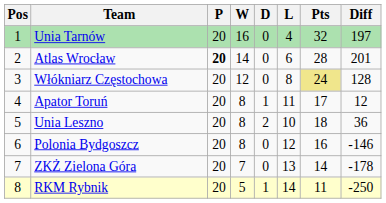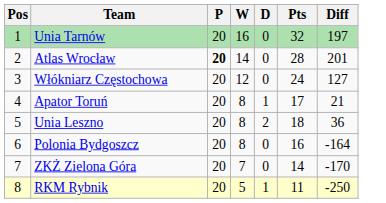 <table class="wikitable" style="font-size: 100%">
 <tr>
 <th width=20>Pos</th>
 <th width=200>Team</th>
 <th width=20>P</th>
 <th width=20>W</th>
 <th width=20>D</th>
-<th width=20>L</th>
 <th width=40>Pts</th>
 <th width=40>Diff</th>
 </tr>
 <tr align=center style="background:#ACE1AF;">
 <td>1</td>
 <td align="left"><a href='#'>Unia Tarnów</a></td>
 <td>20</td>
 <td>16</td>
 <td>0</td>
-<td>4</td>
 <td>32</td>
 <td>197</td>
 </tr>
 <tr align=center>
 <td>2</td>
 <td align="left"><a href='#'>Atlas Wrocław</a></td>
 <td><strong>20</strong></td>
 <td>14</td>
 <td>0</td>
-<td>6</td>
 <td>28</td>
 <td>201</td>
 </tr>
 <tr align=center>
 <td>3</td>
 <td align="left"><a href='#'>Włókniarz Częstochowa</a></td>
 <td>20</td>
 <td>12</td>
 <td>0</td>
-<td>8</td>
-<td style="background: khaki;">24</td>
-<td>128</td>
+<td>24</td>
+<td>127</td>
 </tr>
 <tr align=center>
 <td>4</td>
 <td align="left"><a href='#'>Apator Toruń</a></td>
 <td>20</td>
 <td>8</td>
 <td>1</td>
-<td>11</td>
 <td>17</td>
-<td>12</td>
+<td>21</td>
 </tr>
 <tr align=center>
 <td>5</td>
 <td align="left"><a href='#'>Unia Leszno</a></td>
 <td>20</td>
 <td>8</td>
 <td>2</td>
-<td>10</td>
 <td>18</td>
 <td>36</td>
 </tr>
 <tr align=center>
 <td>6</td>
 <td align="left"><a href='#'>Polonia Bydgoszcz</a></td>
 <td>20</td>
 <td>8</td>
 <td>0</td>
-<td>12</td>
 <td>16</td>
-<td>-146</td>
+<td>-164</td>
 </tr>
 <tr align=center>
 <td>7</td>
 <td align="left"><a href='#'>ZKŻ Zielona Góra</a></td>
 <td>20</td>
 <td>7</td>
 <td>0</td>
-<td>13</td>
 <td>14</td>
-<td>-178</td>
+<td>-170</td>
 </tr>
 <tr align=center style="background: #ffffcc;">
 <td>8</td>
 <td align="left"><a href='#'>RKM Rybnik</a></td>
 <td>20</td>
 <td>5</td>
 <td>1</td>
-<td>14</td>
 <td>11</td>
 <td>-250</td>
 </tr>
 </table>
